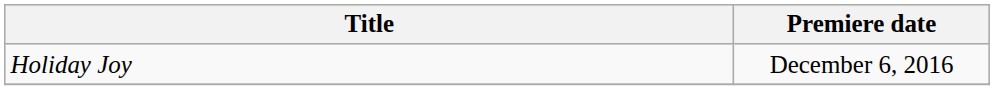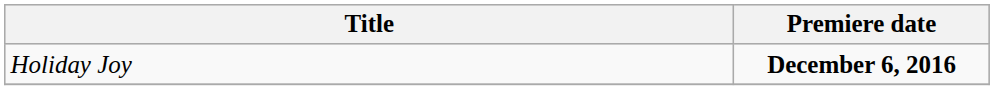 <table class="wikitable plainrowheaders sortable" style="width:50%;text-align:center;">
 <tr>
 <th scope="col" style="width:40%;">Title</th>
 <th scope="col" style="width:14%;">Premiere date</th>
 </tr>
 <tr>
 <td scope="row" style="text-align:left;"><em>Holiday Joy</em></td>
-<td>December 6, 2016</td>
+<td><strong>December 6, 2016</strong></td>
 </tr>
 <tr>
 </tr>
 </table>
